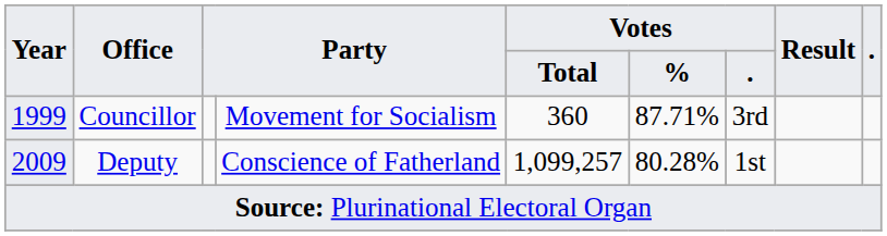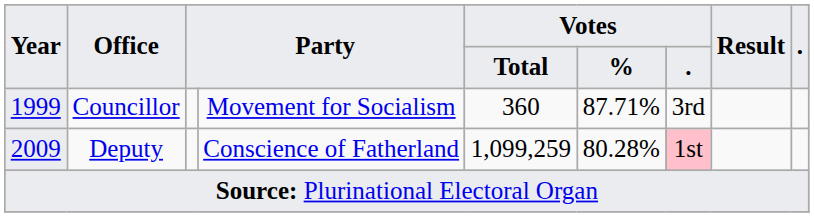 <table class="wikitable" style="font-size:90%; text-align:center;">
 <tr>
 <th style="background-color:#EAECF0;" rowspan=2>Year</th>
 <th style="background-color:#EAECF0;" rowspan=2>Office</th>
 <th style="background-color:#EAECF0;" colspan=2 rowspan=2>Party</th>
 <th style="background-color:#EAECF0;" colspan=3>Votes</th>
 <th style="background-color:#EAECF0;" rowspan=2>Result</th>
 <th style="background-color:#EAECF0;" rowspan=2>.</th>
 </tr>
 <tr>
 <th style="background-color:#EAECF0;">Total</th>
 <th style="background-color:#EAECF0;">%</th>
 <th style="background-color:#EAECF0;">.</th>
 </tr>
 <tr>
 <td style="background-color:#EAECF0;"><a href='#'>1999</a></td>
 <td><a href='#'>Councillor</a></td>
 <td style="background-color:"></td>
 <td><a href='#'>Movement for Socialism</a></td>
 <td>360</td>
 <td>87.71%</td>
 <td>3rd</td>
 <td></td>
 <td></td>
 </tr>
 <tr>
 <td style="background-color:#EAECF0;"><a href='#'>2009</a></td>
 <td><a href='#'>Deputy</a></td>
 <td style="background-color:"></td>
 <td><a href='#'>Conscience of Fatherland</a></td>
-<td>1,099,257</td>
+<td>1,099,259</td>
 <td>80.28%</td>
-<td>1st</td>
+<td style="background: pink;">1st</td>
 <td></td>
 <td></td>
 </tr>
 <tr>
 <td style="background-color:#EAECF0;" colspan=9><strong>Source:</strong> <a href='#'>Plurinational Electoral Organ</a>  </td>
 </tr>
 </table>
